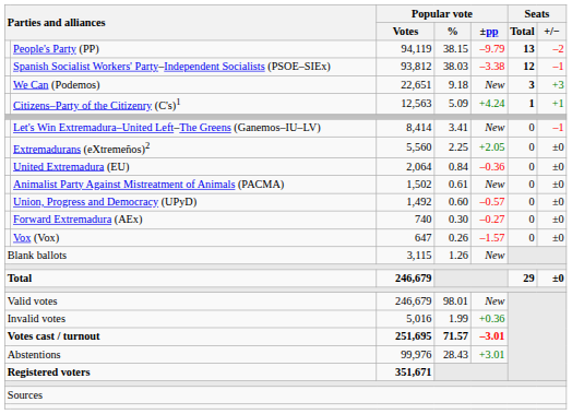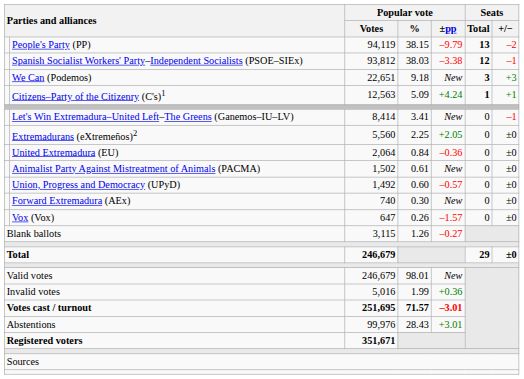 <table class="wikitable" style="text-align:right;">
 <tr>
 <th style="text-align:left;" rowspan="2" colspan="2" width="525">Parties and alliances</th>
 <th colspan="3">Popular vote</th>
 <th colspan="2">Seats</th>
 </tr>
 <tr>
 <th width="75">Votes</th>
 <th width="45">%</th>
 <th width="45">±<a href='#'>pp</a></th>
 <th width="35">Total</th>
 <th width="35">+/−</th>
 </tr>
 <tr>
 <td width="1" style="color:inherit;background:"></td>
 <td align="left"><a href='#'>People's Party</a> (PP)</td>
 <td>94,119</td>
 <td>38.15</td>
 <td style="color:red;">–9.79</td>
 <td><strong>13</strong></td>
 <td style="color:red;">–2</td>
 </tr>
 <tr>
 <td style="color:inherit;background:"></td>
 <td align="left"><a href='#'>Spanish Socialist Workers' Party</a>–<a href='#'>Independent Socialists</a> (PSOE–SIEx)</td>
 <td>93,812</td>
 <td>38.03</td>
 <td style="color:red;">–3.38</td>
 <td><strong>12</strong></td>
 <td style="color:red;">–1</td>
 </tr>
 <tr>
 <td style="color:inherit;background:"></td>
 <td align="left"><a href='#'>We Can</a> (Podemos)</td>
 <td>22,651</td>
 <td>9.18</td>
 <td><em>New</em></td>
 <td><strong>3</strong></td>
 <td style="color:green;">+3</td>
 </tr>
 <tr>
 <td style="color:inherit;background:"></td>
 <td align="left"><a href='#'>Citizens–Party of the Citizenry</a> (C's)<sup>1</sup></td>
 <td>12,563</td>
 <td>5.09</td>
 <td style="color:green;">+4.24</td>
 <td><strong>1</strong></td>
 <td style="color:green;">+1</td>
 </tr>
 <tr>
 <td colspan="7" bgcolor="#C0C0C0"></td>
 </tr>
 <tr>
 <td style="color:inherit;background:"></td>
 <td align="left"><a href='#'>Let's Win Extremadura–United Left</a>–<a href='#'>The Greens</a> (Ganemos–IU–LV)</td>
 <td>8,414</td>
 <td>3.41</td>
 <td><em>New</em></td>
 <td>0</td>
 <td style="color:red;">–1</td>
 </tr>
 <tr>
 <td style="color:inherit;background:"></td>
 <td align="left"><a href='#'>Extremadurans</a> (eXtremeños)<sup>2</sup></td>
 <td>5,560</td>
 <td>2.25</td>
 <td style="color:green;">+2.05</td>
 <td>0</td>
 <td>±0</td>
 </tr>
 <tr>
 <td style="color:inherit;background:"></td>
 <td align="left"><a href='#'>United Extremadura</a> (EU)</td>
 <td>2,064</td>
 <td>0.84</td>
 <td style="color:red;">–0.36</td>
 <td>0</td>
 <td>±0</td>
 </tr>
 <tr>
 <td style="color:inherit;background:"></td>
 <td align="left"><a href='#'>Animalist Party Against Mistreatment of Animals</a> (PACMA)</td>
 <td>1,502</td>
 <td>0.61</td>
 <td><em>New</em></td>
 <td>0</td>
 <td>±0</td>
 </tr>
 <tr>
 <td style="color:inherit;background:"></td>
 <td align="left"><a href='#'>Union, Progress and Democracy</a> (UPyD)</td>
 <td>1,492</td>
 <td>0.60</td>
 <td style="color:red;">–0.57</td>
 <td>0</td>
 <td>±0</td>
 </tr>
 <tr>
 <td style="color:inherit;background:"></td>
 <td align="left"><a href='#'>Forward Extremadura</a> (AEx)</td>
 <td>740</td>
 <td>0.30</td>
-<td style="color:red;">–0.27</td>
+<td><em>New</em></td>
 <td>0</td>
 <td>±0</td>
 </tr>
 <tr>
 <td style="color:inherit;background:"></td>
 <td align="left"><a href='#'>Vox</a> (Vox)</td>
 <td>647</td>
 <td>0.26</td>
 <td style="color:red;">–1.57</td>
 <td>0</td>
 <td>±0</td>
 </tr>
 <tr>
 <td align="left" colspan="2">Blank ballots</td>
 <td>3,115</td>
 <td>1.26</td>
-<td><em>New</em></td>
+<td style="color:red;">–0.27</td>
 <td bgcolor="#E9E9E9" colspan="2"></td>
 </tr>
 <tr>
 <td colspan="7" bgcolor="#E9E9E9"></td>
 </tr>
 <tr style="font-weight:bold;">
 <td align="left" colspan="2">Total</td>
 <td>246,679</td>
 <td bgcolor="#E9E9E9" colspan="2"></td>
 <td>29</td>
 <td>±0</td>
 </tr>
 <tr>
 <td colspan="7" bgcolor="#E9E9E9"></td>
 </tr>
 <tr>
 <td align="left" colspan="2">Valid votes</td>
 <td>246,679</td>
 <td>98.01</td>
 <td><em>New</em></td>
 <td bgcolor="#E9E9E9" colspan="2" rowspan="5"></td>
 </tr>
 <tr>
 <td align="left" colspan="2">Invalid votes</td>
 <td>5,016</td>
 <td>1.99</td>
 <td style="color:green;">+0.36</td>
 </tr>
 <tr style="font-weight:bold;">
 <td align="left" colspan="2">Votes cast / turnout</td>
 <td>251,695</td>
 <td>71.57</td>
 <td style="color:red;">–3.01</td>
 </tr>
 <tr>
 <td align="left" colspan="2">Abstentions</td>
 <td>99,976</td>
 <td>28.43</td>
 <td style="color:green;">+3.01</td>
 </tr>
 <tr style="font-weight:bold;">
 <td align="left" colspan="2">Registered voters</td>
 <td>351,671</td>
 <td bgcolor="#E9E9E9" colspan="2"></td>
 </tr>
 <tr>
 <td colspan="7" bgcolor="#E9E9E9"></td>
 </tr>
 <tr>
 <td align="left" colspan="7">Sources</td>
 </tr>
 <tr>
 <td colspan="7" style="text-align:left; max-width:790px;"></td>
 </tr>
 </table>
